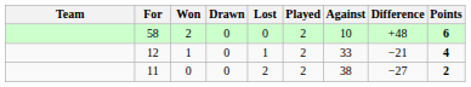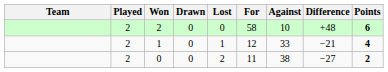 <table class="wikitable" style="text-align:center">
 <tr>
 <th width=165>Team</th>
-<th width=40>For</th>
+<th width=40>Played</th>
 <th width=40>Won</th>
 <th width=40>Drawn</th>
 <th width=40>Lost</th>
-<th width=40>Played</th>
+<th width=40>For</th>
 <th width=40>Against</th>
 <th width=40>Difference</th>
 <th width=40>Points</th>
 </tr>
 <tr bgcolor=#ccffcc>
 <td style="text-align:left"></td>
-<td>58</td>
+<td>2</td>
 <td>2</td>
 <td>0</td>
 <td>0</td>
-<td>2</td>
+<td>58</td>
 <td>10</td>
 <td>+48</td>
 <td><strong>6</strong></td>
 </tr>
 <tr>
 <td style="text-align:left"></td>
-<td>12</td>
+<td>2</td>
 <td>1</td>
 <td>0</td>
 <td>1</td>
-<td>2</td>
+<td>12</td>
 <td>33</td>
 <td>−21</td>
 <td><strong>4</strong></td>
 </tr>
 <tr>
 <td style="text-align:left"></td>
-<td>11</td>
+<td>2</td>
 <td>0</td>
 <td>0</td>
 <td>2</td>
-<td>2</td>
+<td>11</td>
 <td>38</td>
 <td>−27</td>
 <td><strong>2</strong></td>
 </tr>
 </table>
